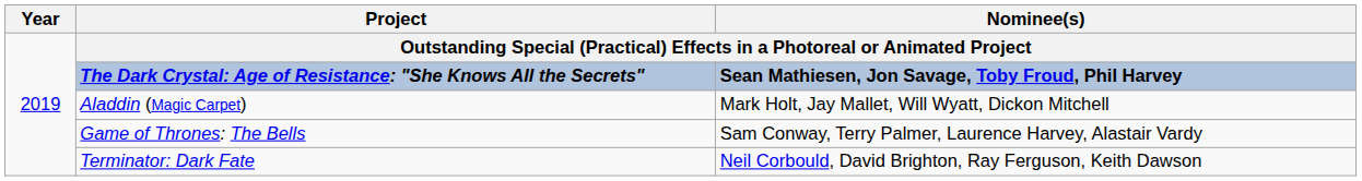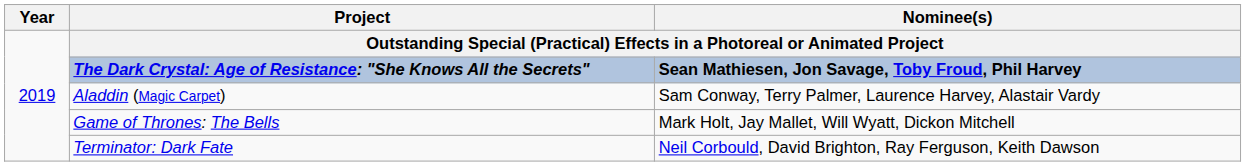 <table class="wikitable" width="95%" cellpadding="5">
 <tr>
 <th width="5%">Year</th>
 <th width="45%">Project</th>
 <th width="45%">Nominee(s)</th>
 </tr>
 <tr>
 <td rowspan="5" style="text-align:center;"><a href='#'>2019</a><br></td>
 <th colspan="4">Outstanding Special (Practical) Effects in a Photoreal or Animated Project</th>
 </tr>
 <tr>
 <td style="background:#B0C4DE;"><strong><em><a href='#'>The Dark Crystal: Age of Resistance</a>: "She Knows All the Secrets"</em></strong></td>
 <td style="background:#B0C4DE;"><strong>Sean Mathiesen, Jon Savage, <a href='#'>Toby Froud</a>, Phil Harvey</strong></td>
 </tr>
 <tr>
 <td><em><a href='#'>Aladdin</a></em> (<small><a href='#'>Magic Carpet</a></small>)</td>
-<td>Mark Holt, Jay Mallet, Will Wyatt, Dickon Mitchell</td>
+<td>Sam Conway, Terry Palmer, Laurence Harvey, Alastair Vardy</td>
 </tr>
 <tr>
 <td><em><a href='#'>Game of Thrones</a>: <a href='#'>The Bells</a></em></td>
-<td>Sam Conway, Terry Palmer, Laurence Harvey, Alastair Vardy</td>
+<td>Mark Holt, Jay Mallet, Will Wyatt, Dickon Mitchell</td>
 </tr>
 <tr>
 <td><em><a href='#'>Terminator: Dark Fate</a></em></td>
 <td><a href='#'>Neil Corbould</a>, David Brighton, Ray Ferguson, Keith Dawson</td>
 </tr>
 </table>
